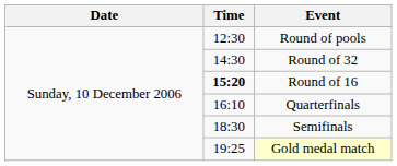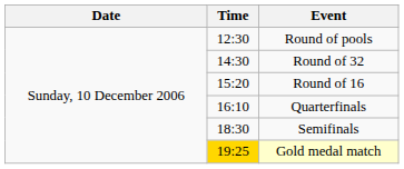 <table class = "wikitable" style="text-align:center;">
 <tr>
 <th width=220>Date</th>
 <th width=50>Time</th>
 <th width=150>Event</th>
 </tr>
 <tr>
 <td rowspan=6>Sunday, 10 December 2006</td>
 <td>12:30</td>
 <td>Round of pools</td>
 </tr>
 <tr>
 <td>14:30</td>
 <td>Round of 32</td>
 </tr>
 <tr>
-<td><strong>15:20</strong></td>
+<td>15:20</td>
 <td>Round of 16</td>
 </tr>
 <tr>
 <td>16:10</td>
 <td>Quarterfinals</td>
 </tr>
 <tr>
 <td>18:30</td>
 <td>Semifinals</td>
 </tr>
 <tr>
-<td>19:25</td>
+<td style="background: gold;">19:25</td>
 <td bgcolor=ffffcc>Gold medal match</td>
 </tr>
 </table>
